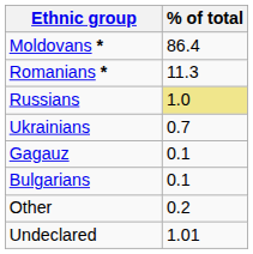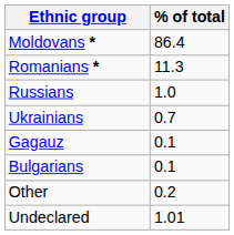 <table class="wikitable sortable">
 <tr>
 <th style="width:140px;"><a href='#'>Ethnic group</a></th>
 <th>% of total</th>
 </tr>
 <tr>
 <td><a href='#'>Moldovans</a> <strong>*</strong></td>
 <td>86.4</td>
 </tr>
 <tr>
 <td><a href='#'>Romanians</a> <strong>*</strong></td>
 <td>11.3</td>
 </tr>
 <tr>
 <td><a href='#'>Russians</a></td>
-<td style="background: khaki;">1.0</td>
+<td>1.0</td>
 </tr>
 <tr>
 <td><a href='#'>Ukrainians</a></td>
 <td>0.7</td>
 </tr>
 <tr>
 <td><a href='#'>Gagauz</a></td>
 <td>0.1</td>
 </tr>
 <tr>
 <td><a href='#'>Bulgarians</a></td>
 <td>0.1</td>
 </tr>
 <tr>
 <td>Other</td>
 <td>0.2</td>
 </tr>
 <tr>
 <td>Undeclared</td>
 <td>1.01</td>
 </tr>
 </table>
